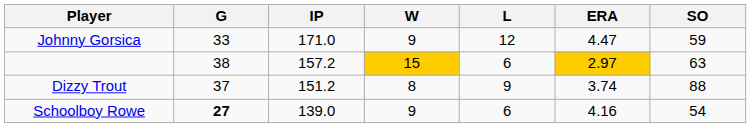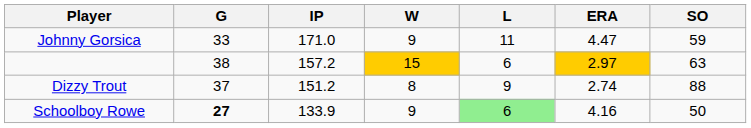 <table class="wikitable sortable">
 <tr>
 <th bgcolor="#DDDDFF" width="16%">Player</th>
 <th bgcolor="#DDDDFF" width="9%">G</th>
 <th bgcolor="#DDDDFF" width="9%">IP</th>
 <th bgcolor="#DDDDFF" width="9%">W</th>
 <th bgcolor="#DDDDFF" width="9%">L</th>
 <th bgcolor="#DDDDFF" width="9%">ERA</th>
 <th bgcolor="#DDDDFF" width="9%">SO</th>
 </tr>
 <tr align="center">
 <td><a href='#'>Johnny Gorsica</a></td>
 <td>33</td>
 <td>171.0</td>
 <td>9</td>
-<td>12</td>
+<td>11</td>
 <td>4.47</td>
 <td>59</td>
 </tr>
 <tr align="center">
 <td></td>
 <td>38</td>
 <td>157.2</td>
 <td style="background:#fc0;">15</td>
 <td>6</td>
 <td style="background:#fc0;">2.97</td>
 <td>63</td>
 </tr>
 <tr align="center">
 <td><a href='#'>Dizzy Trout</a></td>
 <td>37</td>
 <td>151.2</td>
 <td>8</td>
 <td>9</td>
-<td>3.74</td>
+<td>2.74</td>
 <td>88</td>
 </tr>
 <tr align="center">
 <td><a href='#'>Schoolboy Rowe</a></td>
 <td><strong>27</strong></td>
-<td>139.0</td>
+<td>133.9</td>
 <td>9</td>
-<td>6</td>
+<td style="background: lightgreen;">6</td>
 <td>4.16</td>
-<td>54</td>
+<td>50</td>
 </tr>
 </table>
